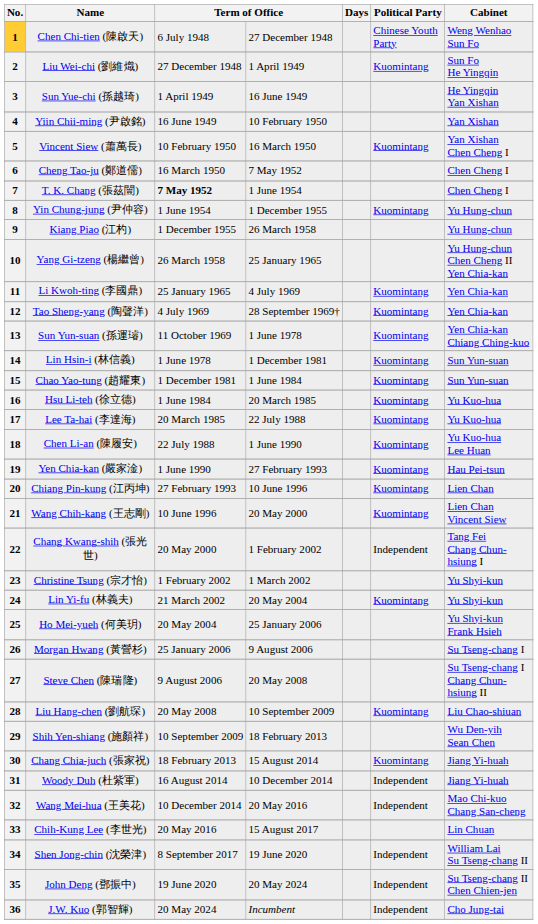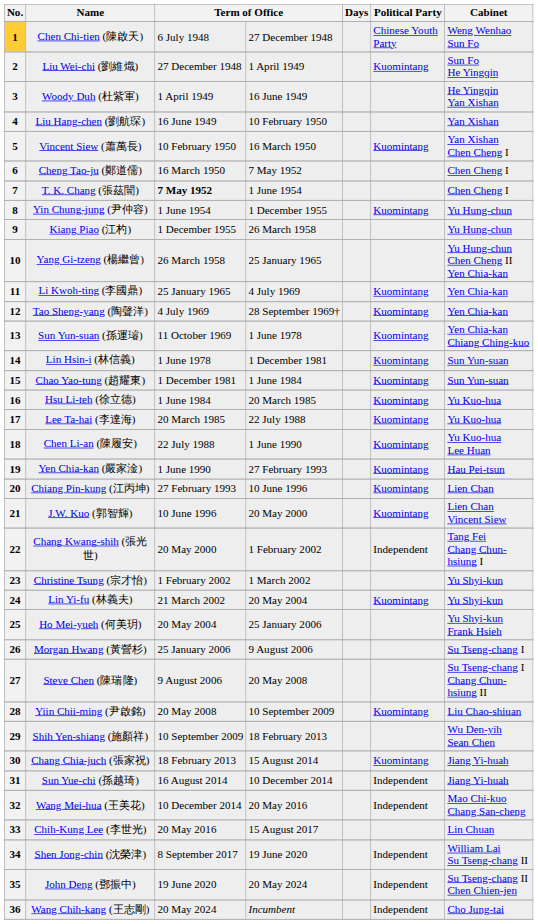 <table class="wikitable">
 <tr ->
 <th>No.</th>
 <th width="180">Name</th>
 <th colspan=2 width="180">Term of Office</th>
 <th>Days</th>
 <th width="100">Political Party</th>
 <th width="120">Cabinet</th>
 </tr>
 <tr ->
 </tr>
 <tr - bgcolor=#EEEEEE>
 <th style="background:#FFCC33; color:black;">1</th>
 <td align=center><a href='#'>Chen Chi-tien</a> (陳啟天)</td>
 <td>6 July 1948</td>
 <td>27 December 1948</td>
 <td></td>
 <td><a href='#'>Chinese Youth Party</a></td>
 <td><a href='#'>Weng Wenhao</a><br><a href='#'>Sun Fo</a></td>
 </tr>
 <tr ->
 </tr>
 <tr - bgcolor=#EEEEEE>
 <th style="background:">2</th>
 <td align=center><a href='#'>Liu Wei-chi</a> (劉維熾)</td>
 <td>27 December 1948</td>
 <td>1 April 1949</td>
 <td></td>
 <td><a href='#'>Kuomintang</a></td>
 <td><a href='#'>Sun Fo</a><br><a href='#'>He Yingqin</a></td>
 </tr>
 <tr ->
 </tr>
 <tr - bgcolor=#EEEEEE>
 <th style="background:">3</th>
-<td align=center><a href='#'>Sun Yue-chi</a> (孫越琦)</td>
+<td align=center><a href='#'>Woody Duh</a> (杜紫軍)</td>
 <td>1 April 1949</td>
 <td>16 June 1949</td>
 <td></td>
 <td></td>
 <td><a href='#'>He Yingqin</a><br><a href='#'>Yan Xishan</a></td>
 </tr>
 <tr ->
 </tr>
 <tr - bgcolor=#EEEEEE>
 <th style="background:">4</th>
-<td align=center><a href='#'>Yiin Chii-ming</a> (尹啟銘)</td>
+<td align=center><a href='#'>Liu Hang-chen</a> (劉航琛)</td>
 <td>16 June 1949</td>
 <td>10 February 1950</td>
 <td></td>
 <td></td>
 <td><a href='#'>Yan Xishan</a></td>
 </tr>
 <tr ->
 </tr>
 <tr - bgcolor=#EEEEEE>
 <th style="background:">5</th>
 <td align=center><a href='#'>Vincent Siew</a> (蕭萬長)</td>
 <td>10 February 1950</td>
 <td>16 March 1950</td>
 <td></td>
 <td><a href='#'>Kuomintang</a></td>
 <td><a href='#'>Yan Xishan</a><br><a href='#'>Chen Cheng</a> I</td>
 </tr>
 <tr ->
 </tr>
 <tr - bgcolor=#EEEEEE>
 <th style="background:">6</th>
 <td align=center><a href='#'>Cheng Tao-ju</a> (鄭道儒)</td>
 <td>16 March 1950</td>
 <td>7 May 1952</td>
 <td></td>
 <td></td>
 <td><a href='#'>Chen Cheng</a> I</td>
 </tr>
 <tr ->
 </tr>
 <tr - bgcolor=#EEEEEE>
 <th style="background:">7</th>
 <td align=center><a href='#'>T. K. Chang</a> (張茲闓)</td>
 <td><strong>7 May 1952</strong></td>
 <td>1 June 1954</td>
 <td></td>
 <td></td>
 <td><a href='#'>Chen Cheng</a> I</td>
 </tr>
 <tr ->
 </tr>
 <tr - bgcolor=#EEEEEE>
 <th style="background:">8</th>
 <td align=center><a href='#'>Yin Chung-jung</a> (尹仲容)</td>
 <td>1 June 1954</td>
 <td>1 December 1955</td>
 <td></td>
 <td><a href='#'>Kuomintang</a></td>
 <td><a href='#'>Yu Hung-chun</a></td>
 </tr>
 <tr ->
 </tr>
 <tr - bgcolor=#EEEEEE>
 <th style="background:">9</th>
 <td align=center><a href='#'>Kiang Piao</a> (江杓)</td>
 <td>1 December 1955</td>
 <td>26 March 1958</td>
 <td></td>
 <td></td>
 <td><a href='#'>Yu Hung-chun</a></td>
 </tr>
 <tr ->
 </tr>
 <tr - bgcolor=#EEEEEE>
 <th style="background:">10</th>
 <td align=center><a href='#'>Yang Gi-tzeng</a> (楊繼曾)</td>
 <td>26 March 1958</td>
 <td>25 January 1965</td>
 <td></td>
 <td></td>
 <td><a href='#'>Yu Hung-chun</a><br><a href='#'>Chen Cheng</a> II<br><a href='#'>Yen Chia-kan</a></td>
 </tr>
 <tr ->
 </tr>
 <tr - bgcolor=#EEEEEE>
 <th style="background:">11</th>
 <td align=center><a href='#'>Li Kwoh-ting</a> (李國鼎)</td>
 <td>25 January 1965</td>
 <td>4 July 1969</td>
 <td></td>
 <td><a href='#'>Kuomintang</a></td>
 <td><a href='#'>Yen Chia-kan</a></td>
 </tr>
 <tr ->
 </tr>
 <tr - bgcolor=#EEEEEE>
 <th style="background:">12</th>
 <td align=center><a href='#'>Tao Sheng-yang</a> (陶聲洋)</td>
 <td>4 July 1969</td>
 <td>28 September 1969†</td>
 <td></td>
 <td><a href='#'>Kuomintang</a></td>
 <td><a href='#'>Yen Chia-kan</a></td>
 </tr>
 <tr ->
 </tr>
 <tr - bgcolor=#EEEEEE>
 <th style="background:">13</th>
 <td align=center><a href='#'>Sun Yun-suan</a> (孫運璿)</td>
 <td>11 October 1969</td>
 <td>1 June 1978</td>
 <td></td>
 <td><a href='#'>Kuomintang</a></td>
 <td><a href='#'>Yen Chia-kan</a><br><a href='#'>Chiang Ching-kuo</a></td>
 </tr>
 <tr ->
 </tr>
 <tr - bgcolor=#EEEEEE>
 <th style="background:">14</th>
 <td align=center><a href='#'>Lin Hsin-i</a> (林信義)</td>
 <td>1 June 1978</td>
 <td>1 December 1981</td>
 <td></td>
 <td><a href='#'>Kuomintang</a></td>
 <td><a href='#'>Sun Yun-suan</a></td>
 </tr>
 <tr ->
 </tr>
 <tr - bgcolor=#EEEEEE>
 <th style="background:">15</th>
 <td align=center><a href='#'>Chao Yao-tung</a> (趙耀東)</td>
 <td>1 December 1981</td>
 <td>1 June 1984</td>
 <td></td>
 <td><a href='#'>Kuomintang</a></td>
 <td><a href='#'>Sun Yun-suan</a></td>
 </tr>
 <tr ->
 </tr>
 <tr - bgcolor=#EEEEEE>
 <th style="background:">16</th>
 <td align=center><a href='#'>Hsu Li-teh</a> (徐立德)</td>
 <td>1 June 1984</td>
 <td>20 March 1985</td>
 <td></td>
 <td><a href='#'>Kuomintang</a></td>
 <td><a href='#'>Yu Kuo-hua</a></td>
 </tr>
 <tr ->
 </tr>
 <tr - bgcolor=#EEEEEE>
 <th style="background:">17</th>
 <td align=center><a href='#'>Lee Ta-hai</a> (李達海)</td>
 <td>20 March 1985</td>
 <td>22 July 1988</td>
 <td></td>
 <td><a href='#'>Kuomintang</a></td>
 <td><a href='#'>Yu Kuo-hua</a></td>
 </tr>
 <tr ->
 </tr>
 <tr - bgcolor=#EEEEEE>
 <th style="background:">18</th>
 <td align=center><a href='#'>Chen Li-an</a> (陳履安)</td>
 <td>22 July 1988</td>
 <td>1 June 1990</td>
 <td></td>
 <td><a href='#'>Kuomintang</a></td>
 <td><a href='#'>Yu Kuo-hua</a><br><a href='#'>Lee Huan</a></td>
 </tr>
 <tr ->
 </tr>
 <tr - bgcolor=#EEEEEE>
 <th style="background:">19</th>
 <td align=center><a href='#'>Yen Chia-kan</a> (嚴家淦)</td>
 <td>1 June 1990</td>
 <td>27 February 1993</td>
 <td></td>
 <td><a href='#'>Kuomintang</a></td>
 <td><a href='#'>Hau Pei-tsun</a></td>
 </tr>
 <tr ->
 </tr>
 <tr - bgcolor=#EEEEEE>
 <th style="background:">20</th>
 <td align=center><a href='#'>Chiang Pin-kung</a> (江丙坤)</td>
 <td>27 February 1993</td>
 <td>10 June 1996</td>
 <td></td>
 <td><a href='#'>Kuomintang</a></td>
 <td><a href='#'>Lien Chan</a></td>
 </tr>
 <tr ->
 </tr>
 <tr - bgcolor=#EEEEEE>
 <th style="background:">21</th>
-<td align=center><a href='#'>Wang Chih-kang</a> (王志剛)</td>
+<td align=center><a href='#'>J.W. Kuo</a> (郭智輝)</td>
 <td>10 June 1996</td>
 <td>20 May 2000</td>
 <td></td>
 <td><a href='#'>Kuomintang</a></td>
 <td><a href='#'>Lien Chan</a><br><a href='#'>Vincent Siew</a></td>
 </tr>
 <tr ->
 </tr>
 <tr - bgcolor=#EEEEEE>
 <th style="background:">22</th>
 <td align=center><a href='#'>Chang Kwang-shih</a> (張光世)</td>
 <td>20 May 2000</td>
 <td>1 February 2002</td>
 <td></td>
 <td>Independent</td>
 <td><a href='#'>Tang Fei</a><br><a href='#'>Chang Chun-hsiung</a> I</td>
 </tr>
 <tr ->
 </tr>
 <tr - bgcolor=#EEEEEE>
 <th style="background:">23</th>
 <td align=center><a href='#'>Christine Tsung</a> (宗才怡)</td>
 <td>1 February 2002</td>
 <td>1 March 2002</td>
 <td></td>
 <td></td>
 <td><a href='#'>Yu Shyi-kun</a></td>
 </tr>
 <tr ->
 </tr>
 <tr - bgcolor=#EEEEEE>
 <th style="background:">24</th>
 <td align=center><a href='#'>Lin Yi-fu</a> (林義夫)</td>
 <td>21 March 2002</td>
 <td>20 May 2004</td>
 <td></td>
 <td><a href='#'>Kuomintang</a></td>
 <td><a href='#'>Yu Shyi-kun</a></td>
 </tr>
 <tr ->
 </tr>
 <tr - bgcolor=#EEEEEE>
 <th style="background:">25</th>
 <td align=center><a href='#'>Ho Mei-yueh</a> (何美玥)</td>
 <td>20 May 2004</td>
 <td>25 January 2006</td>
 <td></td>
 <td></td>
 <td><a href='#'>Yu Shyi-kun</a><br><a href='#'>Frank Hsieh</a></td>
 </tr>
 <tr ->
 </tr>
 <tr - bgcolor=#EEEEEE>
 <th style="background:">26</th>
 <td align=center><a href='#'>Morgan Hwang</a> (黃營杉)</td>
 <td>25 January 2006</td>
 <td>9 August 2006</td>
 <td></td>
 <td></td>
 <td><a href='#'>Su Tseng-chang</a> I</td>
 </tr>
 <tr ->
 </tr>
 <tr - bgcolor=#EEEEEE>
 <th style="background:">27</th>
 <td align=center><a href='#'>Steve Chen</a> (陳瑞隆)</td>
 <td>9 August 2006</td>
 <td>20 May 2008</td>
 <td></td>
 <td></td>
 <td><a href='#'>Su Tseng-chang</a> I<br><a href='#'>Chang Chun-hsiung</a> II</td>
 </tr>
 <tr ->
 </tr>
 <tr - bgcolor=#EEEEEE>
 <th style="background:">28</th>
-<td align=center><a href='#'>Liu Hang-chen</a> (劉航琛)</td>
+<td align=center><a href='#'>Yiin Chii-ming</a> (尹啟銘)</td>
 <td>20 May 2008</td>
 <td>10 September 2009</td>
 <td></td>
 <td><a href='#'>Kuomintang</a></td>
 <td><a href='#'>Liu Chao-shiuan</a></td>
 </tr>
 <tr ->
 </tr>
 <tr - bgcolor=#EEEEEE>
 <th style="background:">29</th>
 <td align=center><a href='#'>Shih Yen-shiang</a> (施顏祥)</td>
 <td>10 September 2009</td>
 <td>18 February 2013</td>
 <td></td>
 <td></td>
 <td><a href='#'>Wu Den-yih</a><br><a href='#'>Sean Chen</a></td>
 </tr>
 <tr ->
 </tr>
 <tr - bgcolor=#EEEEEE>
 <th style="background:">30</th>
 <td align=center><a href='#'>Chang Chia-juch</a> (張家祝)</td>
 <td>18 February 2013</td>
 <td>15 August 2014</td>
 <td></td>
 <td><a href='#'>Kuomintang</a></td>
 <td><a href='#'>Jiang Yi-huah</a></td>
 </tr>
 <tr ->
 </tr>
 <tr - bgcolor=#EEEEEE>
 <th style="background:">31</th>
-<td align=center><a href='#'>Woody Duh</a> (杜紫軍)</td>
+<td align=center><a href='#'>Sun Yue-chi</a> (孫越琦)</td>
 <td>16 August 2014</td>
 <td>10 December 2014</td>
 <td></td>
 <td>Independent</td>
 <td><a href='#'>Jiang Yi-huah</a></td>
 </tr>
 <tr ->
 </tr>
 <tr - bgcolor=#EEEEEE>
 <th style="background:">32</th>
 <td align=center><a href='#'>Wang Mei-hua</a> (王美花)</td>
 <td>10 December 2014</td>
 <td>20 May 2016</td>
 <td></td>
 <td>Independent</td>
 <td><a href='#'>Mao Chi-kuo</a><br><a href='#'>Chang San-cheng</a></td>
 </tr>
 <tr ->
 </tr>
 <tr - bgcolor=#EEEEEE>
 <th style="background:">33</th>
 <td align=center><a href='#'>Chih-Kung Lee</a> (李世光)</td>
 <td>20 May 2016</td>
 <td>15 August 2017</td>
 <td></td>
 <td></td>
 <td><a href='#'>Lin Chuan</a></td>
 </tr>
 <tr ->
 </tr>
 <tr - bgcolor=#EEEEEE>
 <th style="background:">34</th>
 <td align=center><a href='#'>Shen Jong-chin</a> (沈榮津)</td>
 <td>8 September 2017</td>
 <td>19 June 2020</td>
 <td></td>
 <td>Independent</td>
 <td><a href='#'>William Lai</a><br><a href='#'>Su Tseng-chang</a> II</td>
 </tr>
 <tr ->
 </tr>
 <tr - bgcolor=#EEEEEE>
 <th style="background:">35</th>
 <td align=center><a href='#'>John Deng</a> (鄧振中)</td>
 <td>19 June 2020</td>
 <td>20 May 2024</td>
 <td></td>
 <td>Independent</td>
 <td><a href='#'>Su Tseng-chang</a> II<br><a href='#'>Chen Chien-jen</a></td>
 </tr>
 <tr ->
 </tr>
 <tr - bgcolor=#EEEEEE>
 <th style="background:">36</th>
-<td align=center><a href='#'>J.W. Kuo</a> (郭智輝)</td>
+<td align=center><a href='#'>Wang Chih-kang</a> (王志剛)</td>
 <td>20 May 2024</td>
 <td><em>Incumbent</em></td>
 <td></td>
 <td>Independent</td>
 <td><a href='#'>Cho Jung-tai</a></td>
 </tr>
 <tr ->
 </tr>
 </table>
